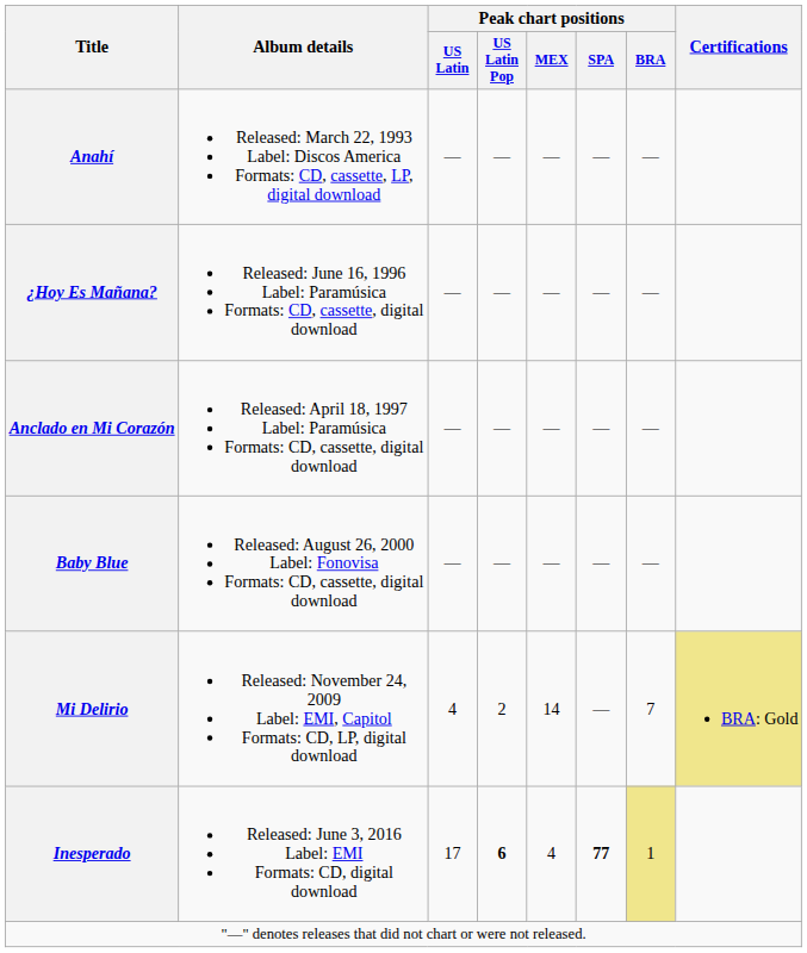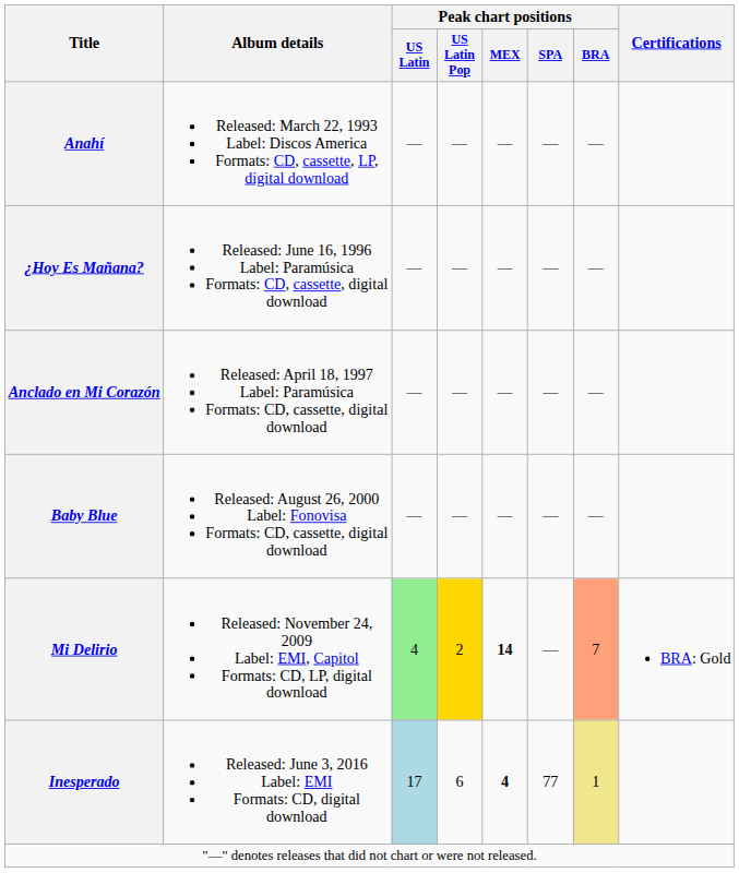 <table class="wikitable plainrowheaders" style="text-align:center;">
 <tr>
 <th rowspan="2">Title</th>
 <th rowspan="2" style="width:230px;">Album details</th>
 <th colspan="5">Peak chart positions</th>
 <th rowspan="2"><a href='#'>Certifications</a></th>
 </tr>
 <tr>
 <th style="width:3em;font-size:85%"><a href='#'>US Latin</a></th>
 <th style="width:3em;font-size:85%"><a href='#'>US Latin Pop</a></th>
 <th style="width:3em;font-size:85%"><a href='#'>MEX</a></th>
 <th style="width:3em;font-size:85%"><a href='#'>SPA</a></th>
 <th style="width:3em;font-size:85%"><a href='#'>BRA</a><br></th>
 </tr>
 <tr>
 <th scope="row"><em><a href='#'>Anahí</a></em></th>
 <td><br><ul><li>Released: March 22, 1993</li><li>Label: Discos America</li><li>Formats: <a href='#'>CD</a>, <a href='#'>cassette</a>, <a href='#'>LP</a>, <a href='#'>digital download</a></li></ul></td>
 <td>—</td>
 <td>—</td>
 <td>—</td>
 <td>—</td>
 <td>—</td>
 <td align="left"></td>
 </tr>
 <tr>
 <th scope="row"><em><a href='#'>¿Hoy Es Mañana?</a></em></th>
 <td><br><ul><li>Released: June 16, 1996</li><li>Label: Paramúsica</li><li>Formats: <a href='#'>CD</a>, <a href='#'>cassette</a>, digital download</li></ul></td>
 <td>—</td>
 <td>—</td>
 <td>—</td>
 <td>—</td>
 <td>—</td>
 <td align="left"></td>
 </tr>
 <tr>
 <th scope="row"><em><a href='#'>Anclado en Mi Corazón</a></em></th>
 <td><br><ul><li>Released: April 18, 1997</li><li>Label: Paramúsica</li><li>Formats: CD, cassette, digital download</li></ul></td>
 <td>—</td>
 <td>—</td>
 <td>—</td>
 <td>—</td>
 <td>—</td>
 <td align="left"></td>
 </tr>
 <tr>
 <th scope="row"><em><a href='#'>Baby Blue</a></em></th>
 <td><br><ul><li>Released: August 26, 2000</li><li>Label: <a href='#'>Fonovisa</a></li><li>Formats: CD, cassette, digital download</li></ul></td>
 <td>—</td>
 <td>—</td>
 <td>—</td>
 <td>—</td>
 <td>—</td>
 <td align="left"></td>
 </tr>
 <tr>
 <th scope="row"><em><a href='#'>Mi Delirio</a></em></th>
 <td><br><ul><li>Released: November 24, 2009</li><li>Label: <a href='#'>EMI</a>, <a href='#'>Capitol</a></li><li>Formats: CD, LP, digital download</li></ul></td>
-<td>4</td>
-<td>2</td>
-<td>14</td>
+<td style="background: lightgreen;">4</td>
+<td style="background: gold;">2</td>
+<td><strong>14</strong></td>
 <td>—</td>
-<td>7</td>
-<td align="left" style="background: khaki;"><br><ul><li><a href='#'>BRA</a>: Gold</li></ul></td>
+<td style="background: lightsalmon;">7</td>
+<td align="left"><br><ul><li><a href='#'>BRA</a>: Gold</li></ul></td>
 </tr>
 <tr>
 <th scope="row"><em><a href='#'>Inesperado</a></em></th>
 <td><br><ul><li>Released: June 3, 2016</li><li>Label: <a href='#'>EMI</a></li><li>Formats: CD, digital download</li></ul></td>
-<td>17</td>
-<td><strong>6</strong></td>
-<td>4</td>
-<td><strong>77</strong></td>
+<td style="background: lightblue;">17</td>
+<td>6</td>
+<td><strong>4</strong></td>
+<td>77</td>
 <td style="background: khaki;">1</td>
 <td align="left"></td>
 </tr>
 <tr>
 <td colspan="13" style="text-align:center; font-size:90%;">"—" denotes releases that did not chart or were not released.</td>
 </tr>
 </table>
